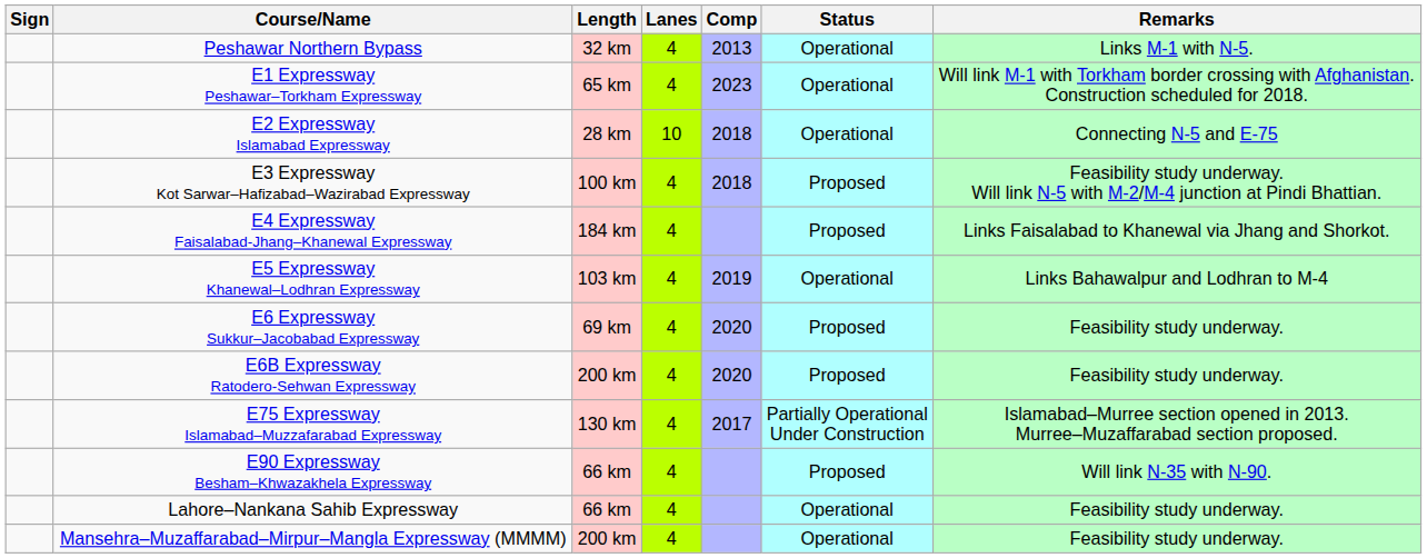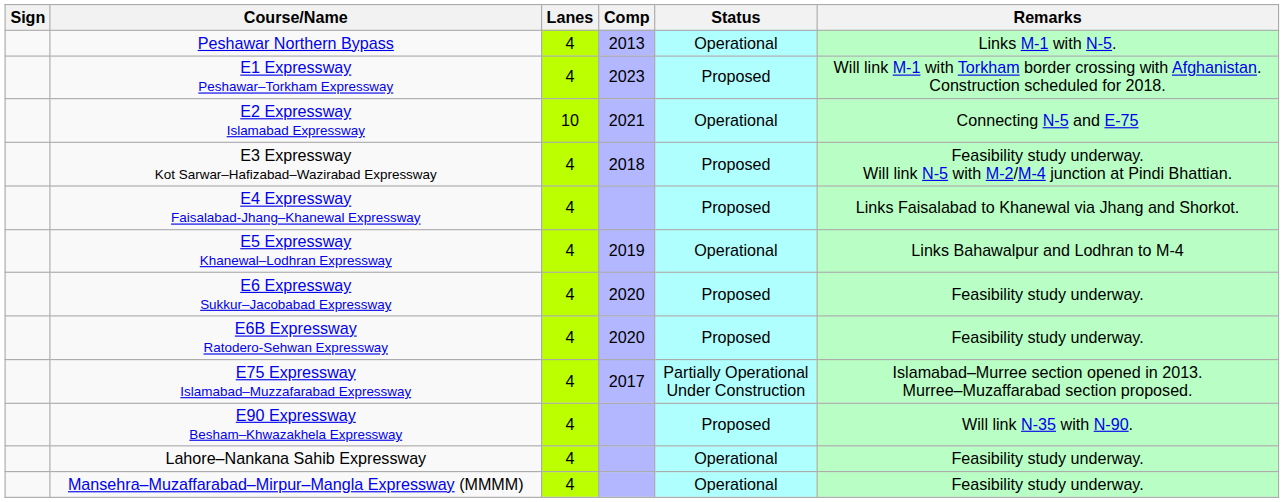 <table class="wikitable sortable" style="margin:auto; font-size:90%; align:center; text-align:center; width:90%">
 <tr>
 <th>Sign</th>
 <th>Course/Name</th>
-<th>Length</th>
 <th>Lanes</th>
 <th>Comp</th>
 <th>Status</th>
 <th>Remarks</th>
 </tr>
 <tr>
 <td></td>
 <td><a href='#'>Peshawar Northern Bypass</a></td>
-<td style="background:#ffcbcb;">32 km</td>
 <td style="background:#bf0;">4</td>
 <td style="background:#b3b7ff;">2013</td>
 <td style="background:#b0ffff;">Operational</td>
 <td style="background:#b9ffc5;">Links <a href='#'>M-1</a> with <a href='#'>N-5</a>.</td>
 </tr>
 <tr>
 <td></td>
 <td><a href='#'>E1 Expressway<br><small>Peshawar–Torkham Expressway</small></a></td>
-<td style="background:#ffcbcb;">65 km</td>
 <td style="background:#bf0;">4</td>
 <td style="background:#b3b7ff;">2023</td>
-<td style="background:#b0ffff;">Operational</td>
+<td style="background:#b0ffff;">Proposed</td>
 <td style="background:#b9ffc5;">Will link <a href='#'>M-1</a> with <a href='#'>Torkham</a> border crossing with <a href='#'>Afghanistan</a>.<br>Construction scheduled for 2018.</td>
 </tr>
 <tr>
 <td></td>
 <td E75 expressway (Pakistan)><a href='#'>E2 Expressway<br><small>Islamabad Expressway</small></a></td>
-<td style="background:#ffcbcb;">28 km</td>
 <td style="background:#bf0;">10</td>
-<td style="background:#b3b7ff;">2018</td>
+<td style="background:#b3b7ff;">2021</td>
 <td style="background:#b0ffff;">Operational</td>
 <td style="background:#b9ffc5;">Connecting <a href='#'>N-5</a> and <a href='#'>E-75</a></td>
 </tr>
 <tr>
 <td></td>
 <td>E3 Expressway<br><small>Kot Sarwar–Hafizabad–Wazirabad Expressway</small></td>
-<td style="background:#ffcbcb;">100 km</td>
 <td style="background:#bf0;">4</td>
 <td style="background:#b3b7ff;">2018</td>
 <td style="background:#b0ffff;">Proposed</td>
 <td style="background:#b9ffc5;">Feasibility study underway.<br>Will link <a href='#'>N-5</a> with <a href='#'>M-2</a>/<a href='#'>M-4</a> junction at Pindi Bhattian.</td>
 </tr>
 <tr>
 <td></td>
 <td><a href='#'>E4 Expressway<br><small>Faisalabad-Jhang–Khanewal Expressway</small></a></td>
-<td style="background:#ffcbcb;">184 km</td>
 <td style="background:#bf0;">4</td>
 <td style="background:#b3b7ff;"></td>
 <td style="background:#b0ffff;">Proposed</td>
 <td style="background:#b9ffc5;">Links Faisalabad to Khanewal via Jhang and Shorkot.</td>
 </tr>
 <tr>
 <td></td>
 <td><a href='#'>E5 Expressway<br><small>Khanewal–Lodhran Expressway</small></a></td>
-<td style="background:#ffcbcb;">103 km</td>
 <td style="background:#bf0;">4</td>
 <td style="background:#b3b7ff;">2019</td>
 <td style="background:#b0ffff;">Operational</td>
 <td style="background:#b9ffc5;">Links Bahawalpur and Lodhran to M-4</td>
 </tr>
 <tr>
 <td></td>
 <td><a href='#'>E6 Expressway<br><small>Sukkur–Jacobabad Expressway</small></a></td>
-<td style="background:#ffcbcb;">69 km</td>
 <td style="background:#bf0;">4</td>
 <td style="background:#b3b7ff;">2020</td>
 <td style="background:#b0ffff;">Proposed</td>
 <td style="background:#b9ffc5;">Feasibility study underway.</td>
 </tr>
 <tr>
 <td></td>
 <td><a href='#'>E6B Expressway<br><small>Ratodero-Sehwan Expressway</small></a></td>
-<td style="background:#ffcbcb;">200 km</td>
 <td style="background:#bf0;">4</td>
 <td style="background:#b3b7ff;">2020</td>
 <td style="background:#b0ffff;">Proposed</td>
 <td style="background:#b9ffc5;">Feasibility study underway.</td>
 </tr>
 <tr>
 <td></td>
 <td><a href='#'>E75 Expressway<br><small>Islamabad–Muzzafarabad Expressway</small></a></td>
-<td style="background:#ffcbcb;">130 km</td>
 <td style="background:#bf0;">4</td>
 <td style="background:#b3b7ff;">2017</td>
 <td style="background:#b0ffff;">Partially Operational<br>Under Construction</td>
 <td style="background:#b9ffc5;">Islamabad–Murree section opened in 2013.<br>Murree–Muzaffarabad section proposed.</td>
 </tr>
 <tr>
 <td></td>
 <td><a href='#'>E90 Expressway<br><small>Besham–Khwazakhela Expressway</small></a></td>
-<td style="background:#ffcbcb;">66 km</td>
 <td style="background:#bf0;">4</td>
 <td style="background:#b3b7ff;"></td>
 <td style="background:#b0ffff;">Proposed</td>
 <td style="background:#b9ffc5;">Will link <a href='#'>N-35</a> with <a href='#'>N-90</a>.</td>
 </tr>
 <tr>
 <td></td>
 <td>Lahore–Nankana Sahib Expressway</td>
-<td style="background:#ffcbcb;">66 km</td>
 <td style="background:#bf0;">4</td>
 <td style="background:#b3b7ff;"></td>
 <td style="background:#b0ffff;">Operational</td>
 <td style="background:#b9ffc5;">Feasibility study underway.</td>
 </tr>
 <tr>
 <td></td>
 <td><a href='#'>Mansehra–Muzaffarabad–Mirpur–Mangla Expressway</a> (MMMM)</td>
-<td style="background:#ffcbcb;">200 km</td>
 <td style="background:#bf0;">4</td>
 <td style="background:#b3b7ff;"></td>
 <td style="background:#b0ffff;">Operational</td>
 <td style="background:#b9ffc5;">Feasibility study underway.</td>
 </tr>
 </table>
